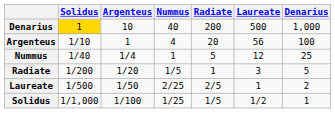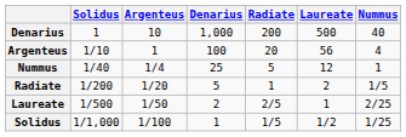 <table class="wikitable" style="text-align:center">
 <tr>
 <th></th>
 <th><a href='#'>Solidus</a></th>
 <th><a href='#'>Argenteus</a></th>
-<th><a href='#'>Nummus</a></th>
+<th><a href='#'>Denarius</a></th>
 <th><a href='#'>Radiate</a></th>
 <th><a href='#'>Laureate</a></th>
-<th><a href='#'>Denarius</a></th>
+<th><a href='#'>Nummus</a></th>
 </tr>
 <tr>
 <th>Denarius</th>
-<td style="background: gold;">1</td>
+<td>1</td>
 <td>10</td>
-<td>40</td>
+<td>1,000</td>
 <td>200</td>
 <td>500</td>
-<td>1,000</td>
+<td>40</td>
 </tr>
 <tr>
 <th>Argenteus</th>
 <td>1/10</td>
 <td>1</td>
-<td>4</td>
+<td>100</td>
 <td>20</td>
 <td>56</td>
-<td>100</td>
+<td>4</td>
 </tr>
 <tr>
 <th>Nummus</th>
 <td>1/40</td>
 <td>1/4</td>
-<td>1</td>
+<td>25</td>
 <td>5</td>
 <td>12</td>
-<td>25</td>
+<td>1</td>
 </tr>
 <tr>
 <th>Radiate</th>
 <td>1/200</td>
 <td>1/20</td>
+<td>5</td>
+<td>1</td>
+<td>2</td>
 <td>1/5</td>
-<td>1</td>
-<td>3</td>
-<td>5</td>
 </tr>
 <tr>
 <th>Laureate</th>
 <td>1/500</td>
 <td>1/50</td>
-<td>2/25</td>
+<td>2</td>
 <td>2/5</td>
 <td>1</td>
-<td>2</td>
+<td>2/25</td>
 </tr>
 <tr>
 <th>Solidus</th>
 <td>1/1,000</td>
 <td>1/100</td>
-<td>1/25</td>
+<td>1</td>
 <td>1/5</td>
 <td>1/2</td>
-<td>1</td>
+<td>1/25</td>
 </tr>
 </table>
